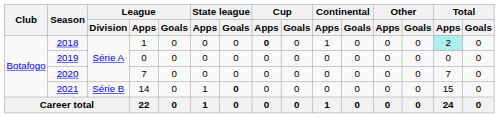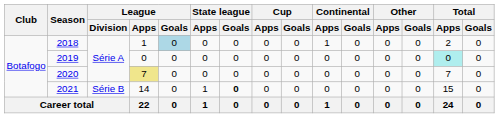 <table class="wikitable" style="text-align: center">
 <tr>
 <th rowspan="2">Club</th>
 <th rowspan="2">Season</th>
 <th colspan="3">League</th>
 <th colspan="2">State league</th>
 <th colspan="2">Cup</th>
 <th colspan="2">Continental</th>
 <th colspan="2">Other</th>
 <th colspan="2">Total</th>
 </tr>
 <tr>
 <th>Division</th>
 <th>Apps</th>
 <th>Goals</th>
 <th>Apps</th>
 <th>Goals</th>
 <th>Apps</th>
 <th>Goals</th>
 <th>Apps</th>
 <th>Goals</th>
 <th>Apps</th>
 <th>Goals</th>
 <th>Apps</th>
 <th>Goals</th>
 </tr>
 <tr>
 <td rowspan="4"><a href='#'>Botafogo</a></td>
 <td><a href='#'>2018</a></td>
 <td rowspan="3"><a href='#'>Série A</a></td>
 <td>1</td>
+<td style="background: lightblue;">0</td>
 <td>0</td>
 <td>0</td>
 <td>0</td>
-<td><strong>0</strong></td>
 <td>0</td>
 <td>1</td>
 <td>0</td>
 <td>0</td>
 <td>0</td>
-<td style="background: paleturquoise;">2</td>
+<td>2</td>
 <td>0</td>
 </tr>
 <tr>
 <td><a href='#'>2019</a></td>
 <td>0</td>
 <td>0</td>
 <td>0</td>
 <td>0</td>
 <td>0</td>
 <td>0</td>
 <td>0</td>
 <td>0</td>
 <td>0</td>
 <td>0</td>
-<td>0</td>
+<td style="background: paleturquoise;">0</td>
 <td>0</td>
 </tr>
 <tr>
 <td><a href='#'>2020</a></td>
-<td>7</td>
+<td style="background: khaki;">7</td>
 <td>0</td>
 <td>0</td>
 <td>0</td>
 <td>0</td>
 <td>0</td>
 <td>0</td>
 <td>0</td>
 <td>0</td>
 <td>0</td>
 <td>7</td>
 <td>0</td>
 </tr>
 <tr>
 <td><a href='#'>2021</a></td>
 <td><a href='#'>Série B</a></td>
 <td>14</td>
 <td>0</td>
 <td>1</td>
 <td><strong>0</strong></td>
 <td>0</td>
 <td>0</td>
 <td>0</td>
 <td>0</td>
 <td>0</td>
 <td>0</td>
 <td>15</td>
 <td>0</td>
 </tr>
 <tr>
 <th colspan="3"><strong>Career total</strong></th>
 <th>22</th>
 <th>0</th>
 <th>1</th>
 <th>0</th>
 <th>0</th>
 <th>0</th>
 <th>1</th>
 <th>0</th>
 <th>0</th>
 <th>0</th>
 <th>24</th>
 <th>0</th>
 </tr>
 </table>
